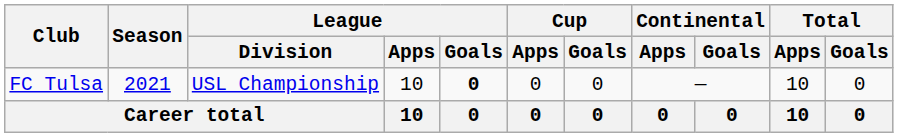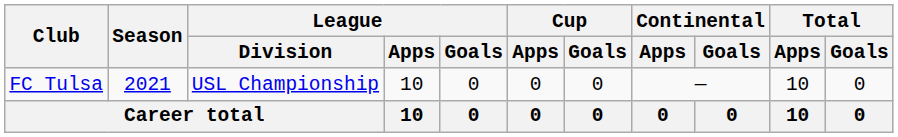 <table class=wikitable style=text-align:center>
 <tr>
 <th rowspan=2>Club</th>
 <th rowspan=2>Season</th>
 <th colspan=3>League</th>
 <th colspan=2>Cup</th>
 <th colspan=2>Continental</th>
 <th colspan=2>Total</th>
 </tr>
 <tr>
 <th>Division</th>
 <th>Apps</th>
 <th>Goals</th>
 <th>Apps</th>
 <th>Goals</th>
 <th>Apps</th>
 <th>Goals</th>
 <th>Apps</th>
 <th>Goals</th>
 </tr>
 <tr>
 <td rowspan=1><a href='#'>FC Tulsa</a></td>
 <td><a href='#'>2021</a></td>
 <td><a href='#'>USL Championship</a></td>
 <td>10</td>
-<td><strong>0</strong></td>
+<td>0</td>
 <td>0</td>
 <td>0</td>
 <td colspan=2>—</td>
 <td>10</td>
 <td>0</td>
 </tr>
 <tr>
 <th colspan=3>Career total</th>
 <th>10</th>
 <th>0</th>
 <th>0</th>
 <th>0</th>
 <th>0</th>
 <th>0</th>
 <th>10</th>
 <th>0</th>
 </tr>
 </table>
